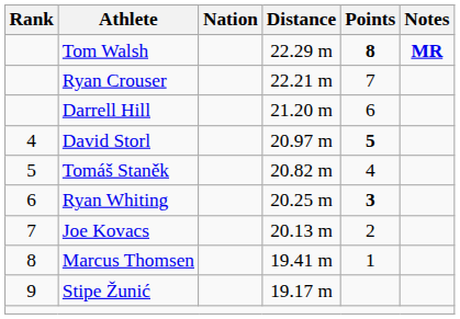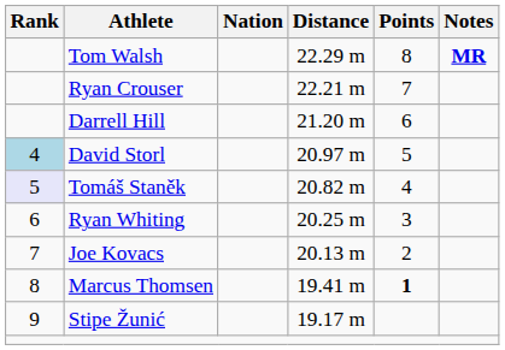 <table class="wikitable sortable" style="text-align:center;">
 <tr>
 <th scope="col" style="width: 10px;">Rank</th>
 <th scope="col">Athlete</th>
 <th scope="col">Nation</th>
 <th scope="col">Distance</th>
 <th scope="col">Points</th>
 <th scope="col">Notes</th>
 </tr>
 <tr>
 <td></td>
 <td align=left><a href='#'>Tom Walsh</a></td>
 <td align=left></td>
 <td>22.29 m</td>
-<td><strong>8</strong></td>
+<td>8</td>
 <td><strong><a href='#'>MR</a></strong></td>
 </tr>
 <tr>
 <td></td>
 <td align=left><a href='#'>Ryan Crouser</a></td>
 <td align=left></td>
 <td>22.21 m</td>
 <td>7</td>
 <td></td>
 </tr>
 <tr>
 <td></td>
 <td align=left><a href='#'>Darrell Hill</a></td>
 <td align=left></td>
 <td>21.20 m</td>
 <td>6</td>
 <td></td>
 </tr>
 <tr>
-<td>4</td>
+<td style="background: lightblue;">4</td>
 <td align=left><a href='#'>David Storl</a></td>
 <td align=left></td>
 <td>20.97 m</td>
-<td><strong>5</strong></td>
+<td>5</td>
 <td></td>
 </tr>
 <tr>
-<td>5</td>
+<td style="background: lavender;">5</td>
 <td align=left><a href='#'>Tomáš Staněk</a></td>
 <td align=left></td>
 <td>20.82 m</td>
 <td>4</td>
 <td></td>
 </tr>
 <tr>
 <td>6</td>
 <td align=left><a href='#'>Ryan Whiting</a></td>
 <td align=left></td>
 <td>20.25 m</td>
-<td><strong>3</strong></td>
+<td>3</td>
 <td></td>
 </tr>
 <tr>
 <td>7</td>
 <td align=left><a href='#'>Joe Kovacs</a></td>
 <td align=left></td>
 <td>20.13 m</td>
 <td>2</td>
 <td></td>
 </tr>
 <tr>
 <td>8</td>
 <td align=left><a href='#'>Marcus Thomsen</a></td>
 <td align=left></td>
 <td>19.41 m</td>
-<td>1</td>
+<td><strong>1</strong></td>
 <td></td>
 </tr>
 <tr>
 <td>9</td>
 <td align=left><a href='#'>Stipe Žunić</a></td>
 <td align=left></td>
 <td>19.17 m</td>
 <td></td>
 <td></td>
 </tr>
 <tr class="sortbottom">
 <td colspan="6"></td>
 </tr>
 </table>
